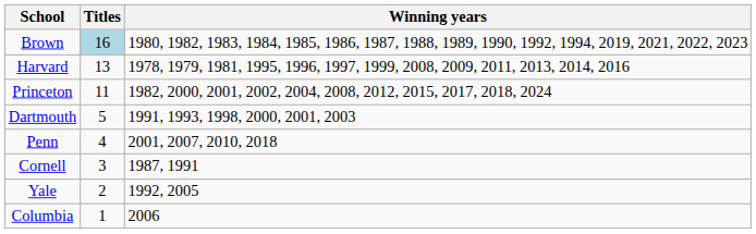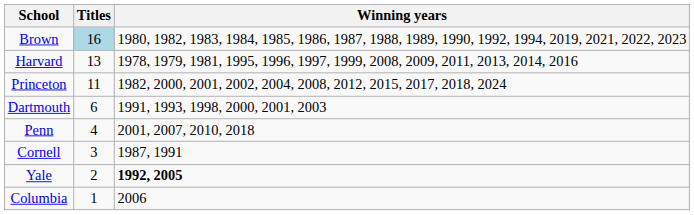 <table class="wikitable sortable" style="text-align:center">
 <tr>
 <th>School</th>
 <th>Titles</th>
 <th>Winning years</th>
 </tr>
 <tr>
 <td><a href='#'>Brown</a></td>
 <td style="background: lightblue;">16</td>
 <td align=left>1980, 1982, 1983, 1984, 1985, 1986, 1987, 1988, 1989, 1990, 1992, 1994, 2019, 2021, 2022, 2023</td>
 </tr>
 <tr>
 <td><a href='#'>Harvard</a></td>
 <td>13</td>
 <td align=left>1978, 1979, 1981, 1995, 1996, 1997, 1999, 2008, 2009, 2011, 2013, 2014, 2016</td>
 </tr>
 <tr>
 <td><a href='#'>Princeton</a></td>
 <td>11</td>
 <td align=left>1982, 2000, 2001, 2002, 2004, 2008, 2012, 2015, 2017, 2018, 2024</td>
 </tr>
 <tr>
 <td><a href='#'>Dartmouth</a></td>
-<td>5</td>
+<td>6</td>
 <td align=left>1991, 1993, 1998, 2000, 2001, 2003</td>
 </tr>
 <tr>
 <td><a href='#'>Penn</a></td>
 <td>4</td>
 <td align=left>2001, 2007, 2010, 2018</td>
 </tr>
 <tr>
 <td><a href='#'>Cornell</a></td>
 <td>3</td>
 <td align=left>1987, 1991</td>
 </tr>
 <tr>
 <td><a href='#'>Yale</a></td>
 <td>2</td>
-<td align=left>1992, 2005</td>
+<td align=left><strong>1992, 2005</strong></td>
 </tr>
 <tr>
 <td><a href='#'>Columbia</a></td>
 <td>1</td>
 <td align=left>2006</td>
 </tr>
 </table>
